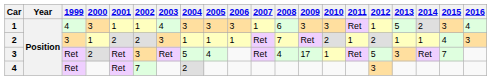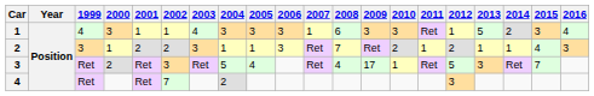 <table class="wikitable" style="margin:0.5em; font-size:87%">
 <tr>
 <th>Car</th>
 <th>Year</th>
 <th><a href='#'>1999</a></th>
 <th><a href='#'>2000</a></th>
 <th><a href='#'>2001</a></th>
 <th><a href='#'>2002</a></th>
 <th><a href='#'>2003</a></th>
 <th><a href='#'>2004</a></th>
 <th><a href='#'>2005</a></th>
 <th><a href='#'>2006</a></th>
 <th><a href='#'>2007</a></th>
 <th><a href='#'>2008</a></th>
 <th><a href='#'>2009</a></th>
 <th><a href='#'>2010</a></th>
 <th><a href='#'>2011</a></th>
 <th><a href='#'>2012</a></th>
 <th><a href='#'>2013</a></th>
 <th><a href='#'>2014</a></th>
 <th><a href='#'>2015</a></th>
 <th><a href='#'>2016</a></th>
 </tr>
 <tr 1 CAR>
 <th>1</th>
 <th rowspan="4">Position</th>
 <td style="background:#dfffdf;">4</td>
 <td style="background:#ffdf9f;">3</td>
 <td style="background:#ffffbf;">1</td>
 <td style="background:#ffffbf;">1</td>
 <td style="background:#dfffdf;">4</td>
 <td style="background:#ffdf9f;">3</td>
 <td style="background:#ffdf9f;">3</td>
 <td style="background:#ffdf9f;">3</td>
 <td style="background:#ffffbf;">1</td>
 <td style="background:#dfffdf;">6</td>
 <td style="background:#ffdf9f;">3</td>
 <td style="background:#ffdf9f;">3</td>
 <td style="background:#efcfff;">Ret</td>
 <td style="background:#ffffbf;">1</td>
 <td style="background:#dfffdf;">5</td>
 <td style="background:#dfdfdf;">2</td>
 <td style="background:#ffdf9f;">3</td>
 <td style="background:#dfffdf;">4</td>
 </tr>
 <tr CAR 2>
 <th>2</th>
 <td style="background:#ffdf9f;">3</td>
 <td style="background:#ffffbf;">1</td>
 <td style="background:#dfdfdf;">2</td>
 <td style="background:#dfdfdf;">2</td>
 <td style="background:#ffdf9f;">3</td>
 <td style="background:#ffffbf;">1</td>
 <td style="background:#ffffbf;">1</td>
-<td style="background:#ffffbf;">1</td>
+<td style="background:#ffffbf;">3</td>
 <td style="background:#efcfff;">Ret</td>
 <td style="background:#ffffbf;">7</td>
 <td style="background:#efcfff;">Ret</td>
 <td style="background:#dfdfdf;">2</td>
 <td style="background:#ffffbf;">1</td>
 <td style="background:#dfdfdf;">2</td>
 <td style="background:#ffffbf;">1</td>
 <td style="background:#ffffbf;">1</td>
 <td style="background:#dfffdf;">4</td>
 <td style="background:#ffdf9f;">3</td>
 </tr>
 <tr CAR 3>
 <th>3</th>
 <td style="background:#efcfff;">Ret</td>
 <td style="background:#dfdfdf;">2</td>
 <td style="background:#efcfff;">Ret</td>
 <td style="background:#ffdf9f;">3</td>
 <td style="background:#efcfff;">Ret</td>
 <td style="background:#dfffdf;">5</td>
 <td style="background:#dfffdf;">4</td>
 <td></td>
 <td style="background:#efcfff;">Ret</td>
 <td style="background:#dfffdf;">4</td>
 <td style="background:#dfffdf;">17</td>
 <td style="background:#ffffbf;">1</td>
 <td style="background:#efcfff;">Ret</td>
 <td style="background:#dfffdf;">5</td>
 <td style="background:#ffdf9f;">3</td>
 <td style="background:#efcfff;">Ret</td>
 <td style="background:#dfffdf;">7</td>
 <td></td>
 </tr>
 <tr CAR 4>
 <th>4</th>
 <td style="background:#efcfff;">Ret</td>
 <td></td>
 <td style="background:#efcfff;">Ret</td>
 <td style="background:#dfffdf;">7</td>
 <td></td>
 <td style="background:#dfdfdf;">2</td>
 <td></td>
 <td></td>
 <td></td>
 <td></td>
 <td></td>
 <td></td>
 <td></td>
 <td style="background:#ffdf9f;">3</td>
 <td></td>
 <td></td>
 <td></td>
 <td></td>
 </tr>
 </table>
